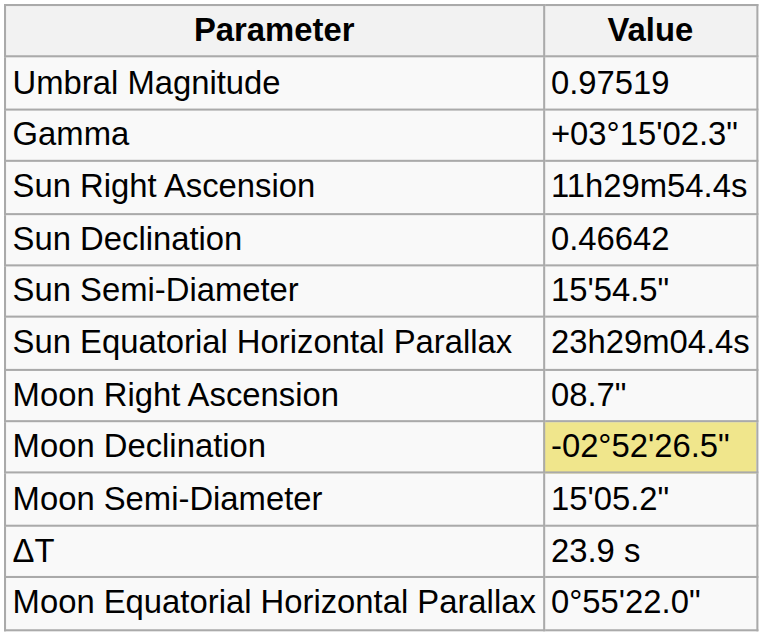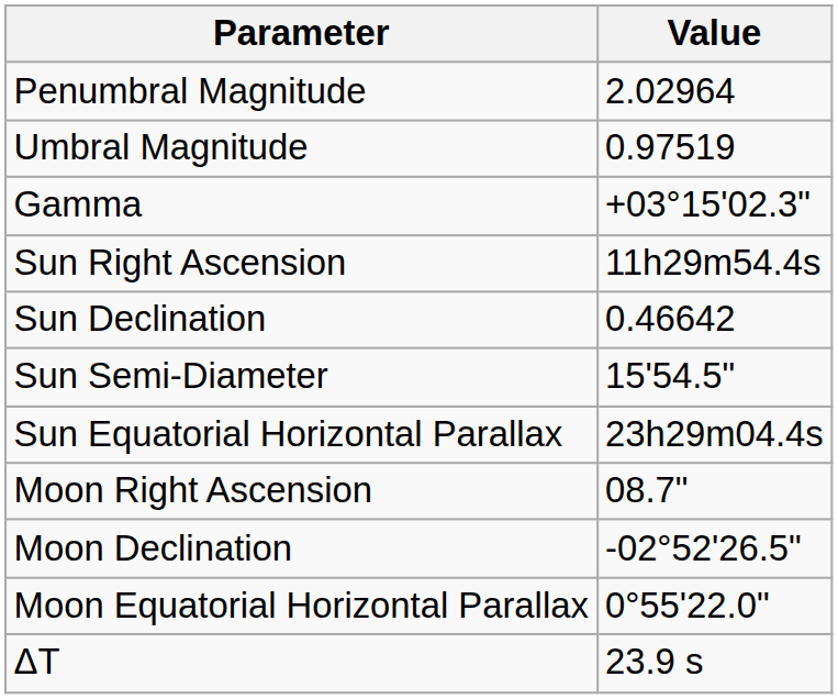 <table class="wikitable">
 <tr>
 <th>Parameter</th>
 <th>Value</th>
+</tr>
+<tr>
+<td>Penumbral Magnitude</td>
+<td>2.02964</td>
 </tr>
 <tr>
 <td>Umbral Magnitude</td>
 <td>0.97519</td>
 </tr>
 <tr>
 <td>Gamma</td>
 <td>+03°15'02.3"</td>
 </tr>
 <tr>
 <td>Sun Right Ascension</td>
 <td>11h29m54.4s</td>
 </tr>
 <tr>
 <td>Sun Declination</td>
 <td>0.46642</td>
 </tr>
 <tr>
 <td>Sun Semi-Diameter</td>
 <td>15'54.5"</td>
 </tr>
 <tr>
 <td>Sun Equatorial Horizontal Parallax</td>
 <td>23h29m04.4s</td>
 </tr>
 <tr>
 <td>Moon Right Ascension</td>
 <td>08.7"</td>
 </tr>
 <tr>
 <td>Moon Declination</td>
-<td style="background: khaki;">-02°52'26.5"</td>
+<td>-02°52'26.5"</td>
 </tr>
 <tr>
-<td>Moon Semi-Diameter</td>
-<td>15'05.2"</td>
+<td>Moon Equatorial Horizontal Parallax</td>
+<td>0°55'22.0"</td>
 </tr>
 <tr>
 <td>ΔT</td>
 <td>23.9 s</td>
 </tr>
-<tr>
-<td>Moon Equatorial Horizontal Parallax</td>
-<td>0°55'22.0"</td>
-</tr>
 </table>
